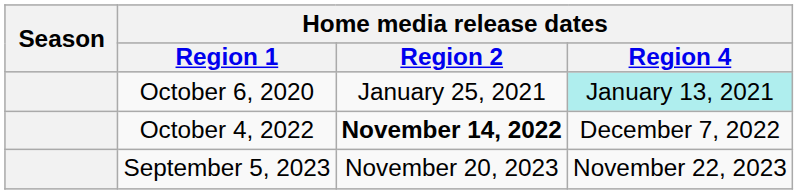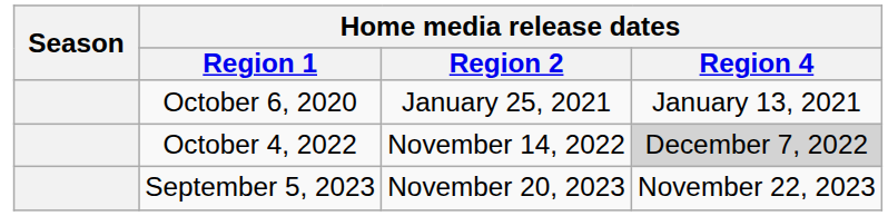 <table class="wikitable plainrowheaders" style="float:right; text-align:center; margin:10px;">
 <tr>
 <th scope="col" style="padding:0 8px;" rowspan="2">Season</th>
 <th scope="col" colspan="3">Home media release dates</th>
 </tr>
 <tr>
 <th scope="col" style="padding: 0 8px"><a href='#'>Region 1</a></th>
 <th scope="col" style="padding: 0 8px"><a href='#'>Region 2</a></th>
 <th scope="col" style="padding: 0 8px"><a href='#'>Region 4</a></th>
 </tr>
 <tr>
 <th></th>
 <td>October 6, 2020</td>
 <td>January 25, 2021</td>
-<td style="background: paleturquoise;">January 13, 2021</td>
+<td>January 13, 2021</td>
 </tr>
 <tr>
 <th></th>
 <td>October 4, 2022</td>
-<td><strong>November 14, 2022</strong></td>
-<td>December 7, 2022</td>
+<td>November 14, 2022</td>
+<td style="background: lightgrey;">December 7, 2022</td>
 </tr>
 <tr>
 <th></th>
 <td>September 5, 2023</td>
 <td>November 20, 2023</td>
 <td>November 22, 2023</td>
 </tr>
 </table>
